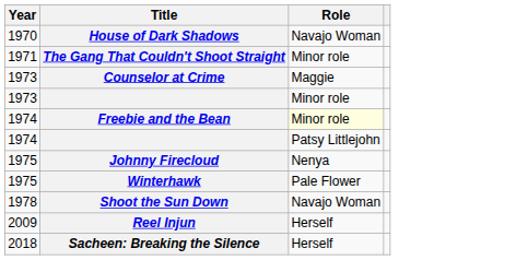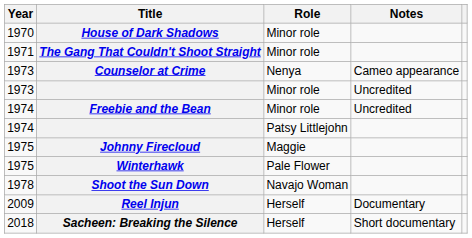 <table class="wikitable plainrowheaders sortable">
 <tr>
 <th scope="col">Year</th>
 <th scope="col">Title</th>
 <th scope="col">Role</th>
+<th scope="col" class="unsortable">Notes</th>
 <th scope="col" class="unsortable"></th>
 </tr>
 <tr>
 <td style="text-align:center;">1970</td>
 <th scope="row"><em><a href='#'>House of Dark Shadows</a></em></th>
-<td>Navajo Woman</td>
+<td>Minor role</td>
+<td></td>
 <td style="text-align:center;"></td>
 </tr>
 <tr>
 <td style="text-align:center;">1971</td>
 <th scope="row"><em><a href='#'>The Gang That Couldn't Shoot Straight</a></em></th>
 <td>Minor role</td>
+<td></td>
 <td style="text-align:center;"></td>
 </tr>
 <tr>
 <td style="text-align:center;">1973 </td>
 <th scope="row"><em><a href='#'>Counselor at Crime</a></em></th>
-<td>Maggie</td>
+<td>Nenya</td>
+<td>Cameo appearance</td>
 <td style="text-align:center;"></td>
 </tr>
 <tr>
 <td style="text-align:center;">1973</td>
 <th scope="row"><em></em></th>
 <td>Minor role</td>
+<td>Uncredited</td>
 <td style="text-align:center;"></td>
 </tr>
 <tr>
 <td style="text-align:center;">1974</td>
 <th scope="row"><em><a href='#'>Freebie and the Bean</a></em></th>
-<td style="background: lightyellow;">Minor role</td>
+<td>Minor role</td>
+<td>Uncredited</td>
 <td style="text-align:center;"></td>
 </tr>
 <tr>
 <td style="text-align:center;">1974</td>
 <th scope="row"><em></em></th>
 <td>Patsy Littlejohn</td>
+<td></td>
 <td style="text-align:center;"></td>
 </tr>
 <tr>
 <td style="text-align:center;">1975</td>
 <th scope="row"><em><a href='#'>Johnny Firecloud</a></em></th>
-<td>Nenya</td>
+<td>Maggie</td>
+<td></td>
 <td style="text-align:center;"></td>
 </tr>
 <tr>
 <td style="text-align:center;">1975</td>
 <th scope="row"><em><a href='#'>Winterhawk</a></em></th>
 <td>Pale Flower</td>
+<td></td>
 <td style="text-align:center;"></td>
 </tr>
 <tr>
 <td style="text-align:center;">1978</td>
 <th scope="row"><em><a href='#'>Shoot the Sun Down</a></em></th>
 <td>Navajo Woman</td>
+<td></td>
 <td style="text-align:center;"></td>
 </tr>
 <tr>
 <td style="text-align:center;">2009</td>
 <th scope="row"><em><a href='#'>Reel Injun</a></em></th>
 <td>Herself</td>
+<td>Documentary</td>
 <td style="text-align:center;"></td>
 </tr>
 <tr>
 <td style="text-align:center;">2018</td>
 <th scope="row"><em>Sacheen: Breaking the Silence</em></th>
 <td>Herself</td>
+<td>Short documentary</td>
 <td style="text-align:center;"></td>
 </tr>
 </table>
